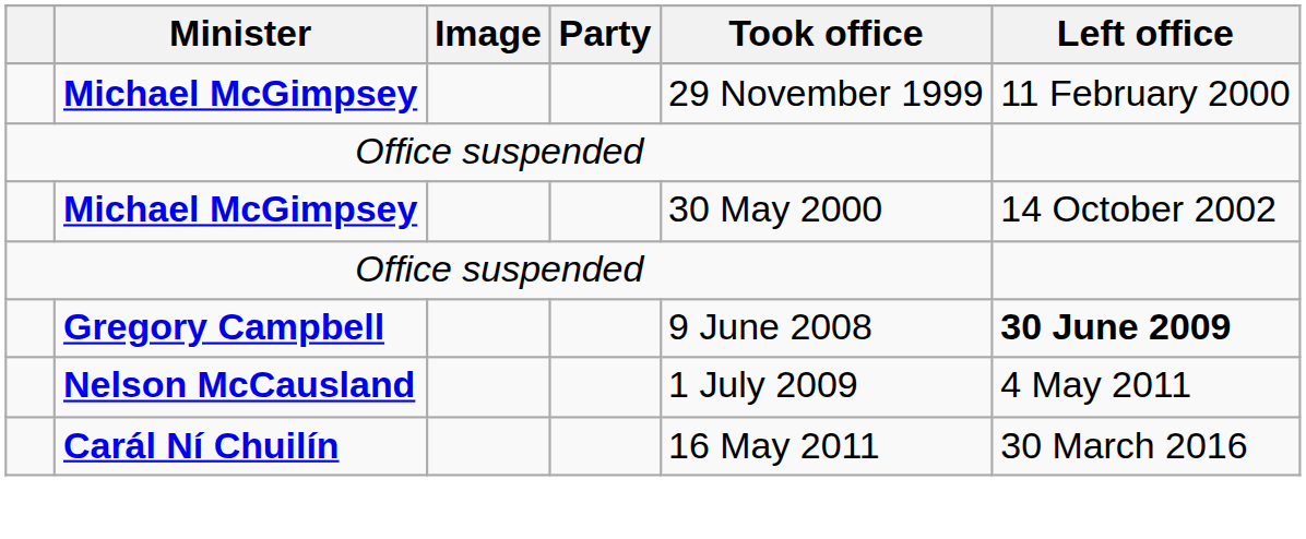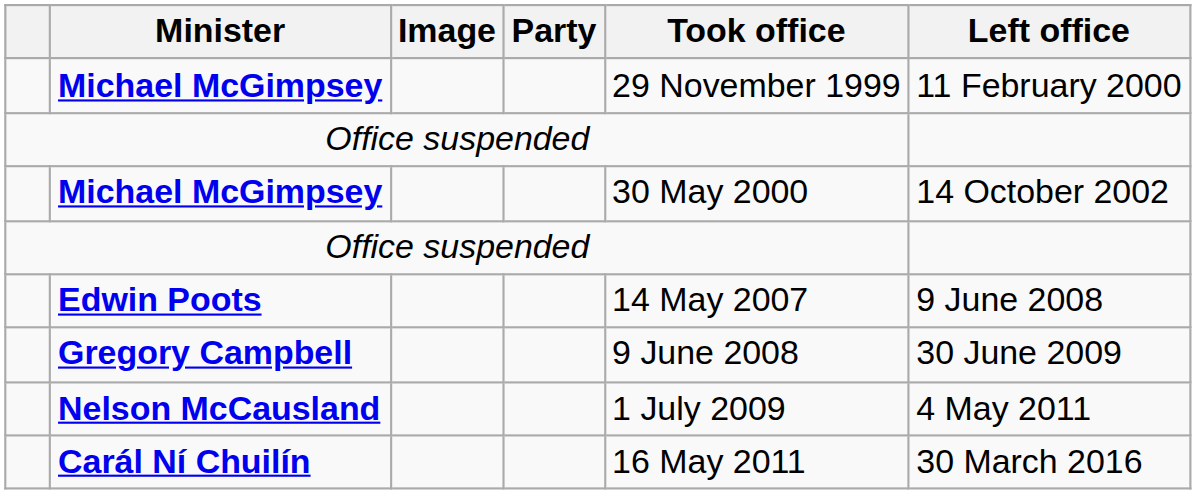 <table class="wikitable" style="margin: 1em auto 1em auto">
 <tr bgcolor=cccccc>
 <th></th>
 <th>Minister</th>
 <th>Image</th>
 <th>Party</th>
 <th>Took office</th>
 <th>Left office</th>
 </tr>
 <tr>
 <td style="background:">   </td>
 <td><strong><a href='#'>Michael McGimpsey</a></strong></td>
 <td></td>
 <td></td>
 <td>29 November 1999</td>
 <td>11 February 2000</td>
 </tr>
 <tr>
 <td colspan="5" align="center"><em>Office suspended</em></td>
 </tr>
 <tr>
 <td style="background:">   </td>
 <td><strong><a href='#'>Michael McGimpsey</a></strong></td>
 <td></td>
 <td></td>
 <td>30 May 2000</td>
 <td>14 October 2002</td>
 </tr>
 <tr>
 <td colspan="5" align="center"><em>Office suspended</em></td>
 <td></td>
 </tr>
 <tr>
 <td style="background:">   </td>
+<td><strong><a href='#'>Edwin Poots</a></strong></td>
+<td></td>
+<td></td>
+<td>14 May 2007</td>
+<td>9 June 2008</td>
+</tr>
+<tr>
+<td style="background:">   </td>
 <td><strong><a href='#'>Gregory Campbell</a></strong></td>
 <td></td>
 <td></td>
 <td>9 June 2008</td>
-<td><strong>30 June 2009</strong></td>
+<td>30 June 2009</td>
 </tr>
 <tr>
 <td style="background:">   </td>
 <td><strong><a href='#'>Nelson McCausland</a></strong></td>
 <td></td>
 <td></td>
 <td>1 July 2009</td>
 <td>4 May 2011</td>
 </tr>
 <tr>
 <td style="background:">   </td>
 <td><strong><a href='#'>Carál Ní Chuilín</a></strong></td>
 <td></td>
 <td></td>
 <td>16 May 2011</td>
 <td>30 March 2016</td>
 </tr>
 </table>
